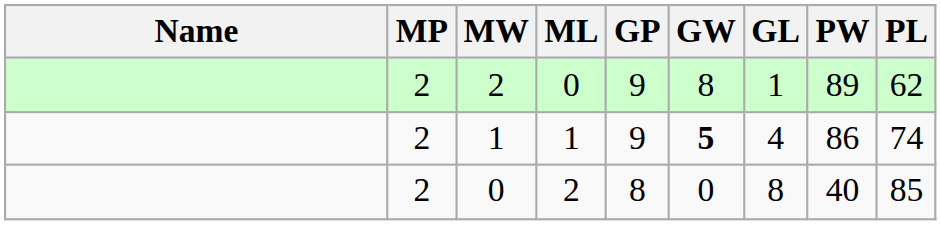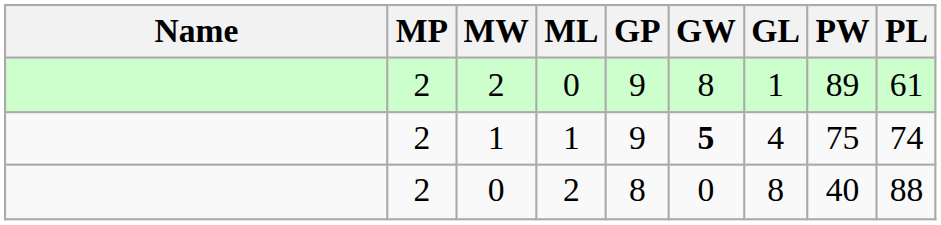 <table class=wikitable style="text-align:center">
 <tr>
 <th width=175>Name</th>
 <th width=20>MP</th>
 <th width=20>MW</th>
 <th width=20>ML</th>
 <th width=20>GP</th>
 <th width=20>GW</th>
 <th width=20>GL</th>
 <th width=20>PW</th>
 <th width=20>PL</th>
 </tr>
 <tr style="background-color:#ccffcc;">
 <td style="text-align:left;"><strong></strong></td>
 <td>2</td>
 <td>2</td>
 <td>0</td>
 <td>9</td>
 <td>8</td>
 <td>1</td>
 <td>89</td>
-<td>62</td>
+<td>61</td>
 </tr>
 <tr>
 <td style="text-align:left;"></td>
 <td>2</td>
 <td>1</td>
 <td>1</td>
 <td>9</td>
 <td><strong>5</strong></td>
 <td>4</td>
-<td>86</td>
+<td>75</td>
 <td>74</td>
 </tr>
 <tr>
 <td style="text-align:left;"></td>
 <td>2</td>
 <td>0</td>
 <td>2</td>
 <td>8</td>
 <td>0</td>
 <td>8</td>
 <td>40</td>
-<td>85</td>
+<td>88</td>
 </tr>
 </table>
